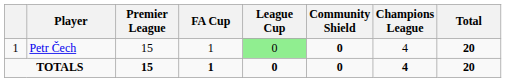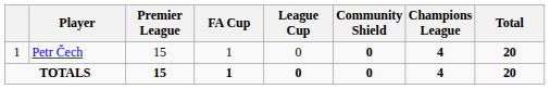 <table class="wikitable" style="font-size: 90%; text-align: center;">
 <tr>
 <th width=20></th>
 <th width=100>Player</th>
 <th width=70>Premier League</th>
 <th width=70>FA Cup</th>
 <th width=70>League Cup</th>
 <th width=70>Community Shield</th>
 <th width=70>Champions League</th>
 <th width=70><strong>Total</strong></th>
 </tr>
 <tr>
 <td>1</td>
 <td align=left> <a href='#'>Petr Čech</a></td>
 <td>15</td>
 <td>1</td>
-<td style="background: lightgreen;">0</td>
+<td>0</td>
 <td><strong>0</strong></td>
-<td>4</td>
+<td><strong>4</strong></td>
 <td><strong>20</strong></td>
 </tr>
 <tr>
 <td colspan="2"><strong>TOTALS</strong></td>
 <td><strong>15</strong></td>
 <td><strong>1</strong></td>
 <td><strong>0</strong></td>
 <td><strong>0</strong></td>
 <td><strong>4</strong></td>
 <td><strong>20</strong></td>
 </tr>
 </table>
